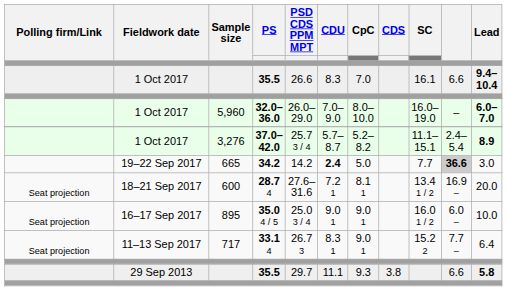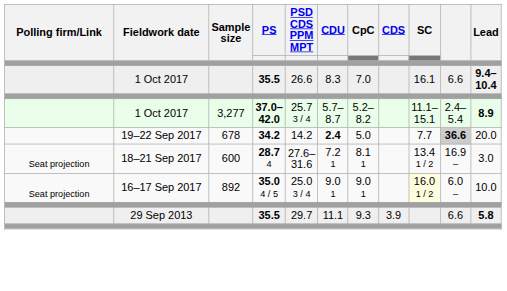 <table class="wikitable collapsible sortable" style="text-align:center; font-size:95%; line-height:16px;">
 <tr style="height:42px;">
 <th style="width:145px;" rowspan="2">Polling firm/Link</th>
 <th style="width:125px;" rowspan="2">Fieldwork date</th>
 <th class="unsortable" style="width:50px;" rowspan="2">Sample size</th>
 <th class="unsortable" style="width:35px;"><a href='#'>PS</a></th>
 <th class="unsortable" style="width:35px;"><a href='#'>PSD</a><br><a href='#'>CDS</a><br><a href='#'>PPM</a><br><a href='#'>MPT</a></th>
 <th class="unsortable" style="width:35px;"><a href='#'>CDU</a></th>
 <th class="unsortable" style="width:35px;">CpC</th>
 <th class="unsortable" style="width:35px;"><a href='#'>CDS</a></th>
 <th class="unsortable" style="width:35px;">SC</th>
 <th class="unsortable" style="width:35px;" rowspan="2"></th>
 <th class="unsortable" style="width:30px;" rowspan="2">Lead</th>
 </tr>
 <tr>
 <th class="unsortable" style="color:inherit;background:"></th>
 <th class="unsortable" style="color:inherit;background:"></th>
 <th class="unsortable" style="color:inherit;background:"></th>
 <th class="unsortable" style="color:inherit;background:#777777;"></th>
 <th class="unsortable" style="color:inherit;background:"></th>
 <th class="unsortable" style="color:inherit;background:#777777;"></th>
 </tr>
 <tr>
 <td colspan="11" style="background:#A0A0A0"></td>
 </tr>
 <tr style="background:#EFEFEF;">
 <td><strong></strong></td>
 <td data-sort-value="2019-10-06">1 Oct 2017</td>
 <td></td>
 <td><strong>35.5</strong><br></td>
 <td>26.6<br></td>
 <td>8.3<br></td>
 <td>7.0<br></td>
 <td align="center"></td>
 <td>16.1<br></td>
 <td>6.6<br></td>
 <td style="background:"><strong>9.4–<br>10.4</strong></td>
 </tr>
 <tr>
 <td colspan="11" style="background:#A0A0A0"></td>
 </tr>
 <tr>
 </tr>
-<tr style="background:#EAFFEA"|>
-<td></td>
-<td data-sort-value="2019-10-06">1 Oct 2017</td>
-<td>5,960</td>
-<td><strong>32.0–<br>36.0</strong><br></td>
-<td>26.0–<br>29.0<br></td>
-<td>7.0–<br>9.0<br></td>
-<td>8.0–<br>10.0<br></td>
-<td align="center"></td>
-<td>16.0–<br>19.0<br></td>
-<td>–</td>
-<td style="background:"><strong>6.0–<br>7.0</strong></td>
-</tr>
 <tr>
 </tr>
 <tr style="background:#EAFFEA"|>
 <td></td>
 <td data-sort-value="2019-10-06">1 Oct 2017</td>
-<td>3,276</td>
+<td>3,277</td>
 <td><strong>37.0–<br>42.0</strong><br></td>
 <td align="center">25.7<br><small>3 / 4</small></td>
 <td>5.7–<br>8.7<br></td>
 <td>5.2–<br>8.2<br></td>
 <td align="center"></td>
 <td>11.1–<br>15.1<br></td>
 <td>2.4–<br>5.4<br></td>
 <td style="background:"><strong>8.9</strong></td>
 </tr>
 <tr>
 <td align="center"></td>
 <td align="center">19–22 Sep 2017</td>
-<td>665</td>
+<td>678</td>
 <td align="center" ><strong>34.2</strong></td>
 <td align="center">14.2</td>
 <td align="center"><strong>2.4</strong></td>
 <td align="center">5.0</td>
 <td align="center"></td>
 <td align="center">7.7</td>
 <td align="center" style="background:#cccccc"><strong>36.6</strong></td>
-<td style="background:">3.0</td>
+<td style="background:">20.0</td>
 </tr>
 <tr>
 <td align="center"><br><small>Seat projection</small></td>
 <td align="center">18–21 Sep 2017</td>
 <td>600</td>
 <td align="center" ><strong>28.7</strong><br><small>4</small></td>
 <td>27.6–<br>31.6<br></td>
 <td align="center">7.2<br><small>1</small></td>
 <td align="center">8.1<br><small>1</small></td>
 <td align="center"></td>
 <td align="center">13.4<br><small>1 / 2</small></td>
 <td align="center">16.9<br><small>–</small></td>
-<td style="background:">20.0</td>
+<td style="background:">3.0</td>
 </tr>
 <tr>
 <td align="center"><br><small>Seat projection</small></td>
 <td align="center">16–17 Sep 2017</td>
-<td>895</td>
+<td>892</td>
 <td align="center" ><strong>35.0</strong><br><small>4 / 5</small></td>
 <td align="center">25.0<br><small>3 / 4</small></td>
 <td align="center">9.0<br><small>1</small></td>
 <td align="center">9.0<br><small>1</small></td>
 <td align="center"></td>
-<td align="center">16.0<br><small>1 / 2</small></td>
+<td align="center" style="background: lightyellow;">16.0<br><small>1 / 2</small></td>
 <td align="center">6.0<br><small>–</small></td>
 <td style="background:">10.0</td>
-</tr>
-<tr>
-<td align="center"><br><small>Seat projection</small></td>
-<td align="center">11–13 Sep 2017</td>
-<td>717</td>
-<td align="center" ><strong>33.1</strong><br><small>4</small></td>
-<td align="center">26.7<br><small>3</small></td>
-<td align="center">8.3<br><small>1</small></td>
-<td align="center">9.0<br><small>1</small></td>
-<td align="center"></td>
-<td align="center">15.2<br><small>2</small></td>
-<td align="center">7.7<br><small>–</small></td>
-<td style="background:">6.4</td>
 </tr>
 <tr>
 <td colspan="11" style="background:#A0A0A0"></td>
 </tr>
 <tr style="background:#EFEFEF;">
 <td><strong></strong></td>
 <td data-sort-value="2019-10-06">29 Sep 2013</td>
 <td></td>
 <td><strong>35.5</strong><br></td>
 <td>29.7<br></td>
 <td>11.1<br></td>
 <td>9.3<br></td>
-<td>3.8<br></td>
+<td>3.9<br></td>
 <td></td>
 <td>6.6<br></td>
 <td style="background:"><strong>5.8</strong></td>
 </tr>
 <tr>
 <td colspan="11" style="background:#A0A0A0"></td>
 </tr>
 </table>
